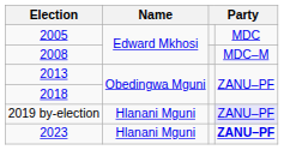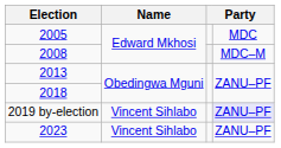 <table class="wikitable" style="text-align:center">
 <tr>
 <th>Election</th>
 <th>Name</th>
 <th colspan="2">Party</th>
 </tr>
 <tr>
 <td><a href='#'>2005</a></td>
 <td rowspan="2"><a href='#'>Edward Mkhosi</a></td>
 <td style="background-color: "></td>
 <td><a href='#'>MDC</a></td>
 </tr>
 <tr>
 <td><a href='#'>2008</a></td>
 <th style="background-color: "></th>
 <td><a href='#'>MDC–M</a></td>
 </tr>
 <tr>
 <td><a href='#'>2013</a></td>
 <td rowspan="2"><a href='#'>Obedingwa Mguni</a></td>
 <td rowspan="2" style="background-color: "></td>
 <td rowspan="2"><a href='#'>ZANU–PF</a></td>
 </tr>
 <tr>
 <td><a href='#'>2018</a></td>
 </tr>
 <tr>
 <td>2019 by-election</td>
-<td><a href='#'>Hlanani Mguni</a></td>
+<td><a href='#'>Vincent Sihlabo</a></td>
 <td style="background-color: "></td>
 <td style="background: lavender;"><a href='#'>ZANU–PF</a></td>
 </tr>
 <tr>
 <td><a href='#'>2023</a></td>
-<td><a href='#'>Hlanani Mguni</a></td>
+<td><a href='#'>Vincent Sihlabo</a></td>
 <td style="background-color: "></td>
-<td><strong><a href='#'>ZANU–PF</a></strong></td>
+<td><a href='#'>ZANU–PF</a></td>
 </tr>
 </table>
